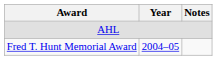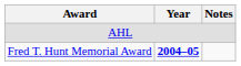 <table class="wikitable">
 <tr>
 <th>Award</th>
 <th>Year</th>
 <th>Notes</th>
 </tr>
 <tr ALIGN="center" bgcolor="#e0e0e0">
 <td colspan="3"><a href='#'>AHL</a></td>
 </tr>
 <tr>
 <td><a href='#'>Fred T. Hunt Memorial Award</a></td>
-<td><a href='#'>2004–05</a></td>
+<td><strong><a href='#'>2004–05</a></strong></td>
 <td></td>
 </tr>
 </table>
